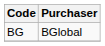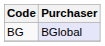 <table class="wikitable" border="1">
 <tr>
 <th>Code</th>
 <th>Purchaser</th>
 </tr>
 <tr>
 <td>BG</td>
-<td>BGlobal</td>
+<td style="background: lavender;">BGlobal</td>
 </tr>
 <tr>
 </tr>
 </table>
